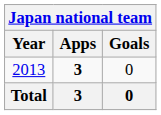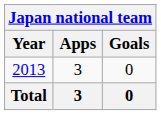 <table class="wikitable" style="text-align:center">
 <tr>
 <th colspan=3><a href='#'>Japan national team</a></th>
 </tr>
 <tr>
 <th>Year</th>
 <th>Apps</th>
 <th>Goals</th>
 </tr>
 <tr>
 <td><a href='#'>2013</a></td>
-<td><strong>3</strong></td>
+<td>3</td>
 <td>0</td>
 </tr>
 <tr>
 <th>Total</th>
 <th>3</th>
 <th>0</th>
 </tr>
 </table>
